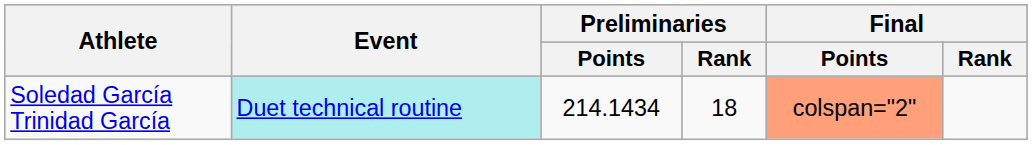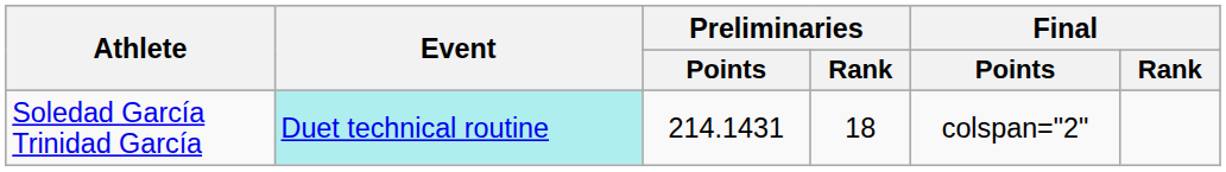 <table class="wikitable" style="text-align:center; font-size:90%; width:50%;">
 <tr>
 <th rowspan="2">Athlete</th>
 <th rowspan="2">Event</th>
 <th colspan="2">Preliminaries</th>
 <th colspan="2">Final</th>
 </tr>
 <tr style="font-size:95%">
 <th>Points</th>
 <th>Rank</th>
 <th>Points</th>
 <th>Rank</th>
 </tr>
 <tr>
 <td align=left><a href='#'>Soledad García</a><br><a href='#'>Trinidad García</a></td>
 <td align=left style="background: paleturquoise;"><a href='#'>Duet technical routine</a></td>
-<td>214.1434</td>
+<td>214.1431</td>
 <td>18</td>
-<td style="background: lightsalmon;">colspan="2" </td>
+<td>colspan="2" </td>
 </tr>
 </table>
